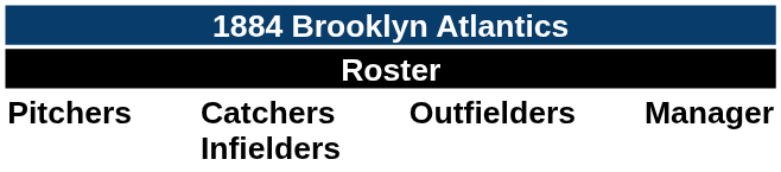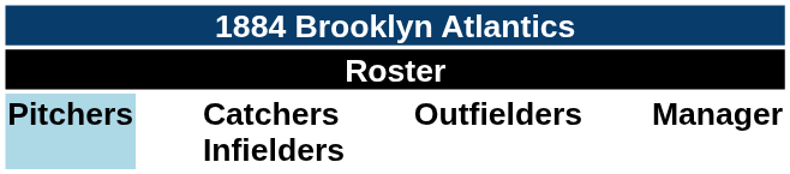 <table class="toccolours" style="font-size: 95%;">
 <tr>
 <th colspan="10" style="background-color: #083c6b; color: white; text-align: center;">1884 Brooklyn Atlantics</th>
 </tr>
 <tr>
 <td colspan="10" style="background-color: black; color: white; text-align: center;"><strong>Roster</strong></td>
 </tr>
 <tr>
-<td valign="top"><strong>Pitchers</strong><br>  </td>
+<td valign="top" style="background: lightblue;"><strong>Pitchers</strong><br>  </td>
 <td width="25px"></td>
 <td valign="top"><strong>Catchers</strong><br>    <strong>Infielders</strong>      </td>
 <td width="25px"></td>
 <td valign="top"><strong>Outfielders</strong><br>    </td>
 <td width="25px"></td>
 <td valign="top"><strong>Manager</strong><br></td>
 </tr>
 </table>
